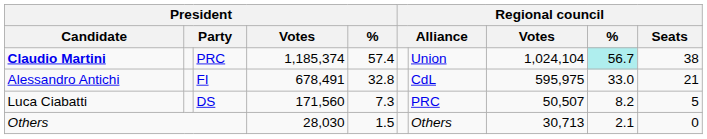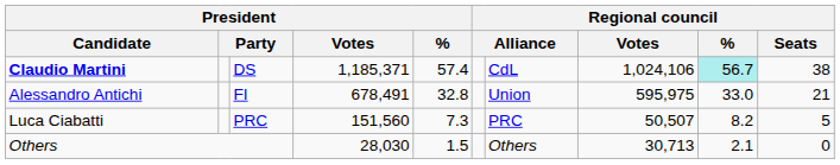 <table class="wikitable" style="text-align:right; style="width=65%">
 <tr>
 <th colspan="5">President</th>
 <th colspan="7">Regional council</th>
 </tr>
 <tr>
 <th>Candidate</th>
 <th colspan="2">Party</th>
 <th>Votes</th>
 <th>%</th>
 <th colspan="2">Alliance</th>
 <th>Votes</th>
 <th>%</th>
 <th>Seats</th>
 </tr>
 <tr>
 <td style="text-align:left"><strong><a href='#'>Claudio Martini</a></strong></td>
 <td></td>
-<td style="text-align:left"><a href='#'>PRC</a></td>
-<td>1,185,374</td>
+<td style="text-align:left"><a href='#'>DS</a></td>
+<td>1,185,371</td>
 <td>57.4</td>
 <td></td>
-<td style="text-align:left"><a href='#'>Union</a></td>
-<td>1,024,104</td>
+<td style="text-align:left"><a href='#'>CdL</a></td>
+<td>1,024,106</td>
 <td style="background: paleturquoise;">56.7</td>
 <td>38</td>
 </tr>
 <tr>
 <td style="text-align:left"><a href='#'>Alessandro Antichi</a></td>
 <td></td>
 <td style="text-align:left"><a href='#'>FI</a></td>
 <td>678,491</td>
 <td>32.8</td>
 <td></td>
-<td style="text-align:left"><a href='#'>CdL</a></td>
+<td style="text-align:left"><a href='#'>Union</a></td>
 <td>595,975</td>
 <td>33.0</td>
 <td>21</td>
 </tr>
 <tr>
 <td style="text-align:left">Luca Ciabatti</td>
 <td></td>
-<td style="text-align:left"><a href='#'>DS</a></td>
-<td>171,560</td>
+<td style="text-align:left"><a href='#'>PRC</a></td>
+<td>151,560</td>
 <td>7.3</td>
 <td></td>
 <td style="text-align:left"><a href='#'>PRC</a></td>
 <td>50,507</td>
 <td>8.2</td>
 <td>5</td>
 </tr>
 <tr>
 <td colspan="3" style="text-align:left"><em>Others</em></td>
 <td>28,030</td>
 <td>1.5</td>
 <td></td>
 <td style="text-align:left"><em>Others</em></td>
 <td>30,713</td>
 <td>2.1</td>
 <td>0</td>
 </tr>
 </table>
